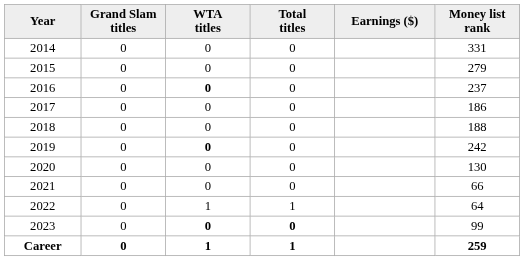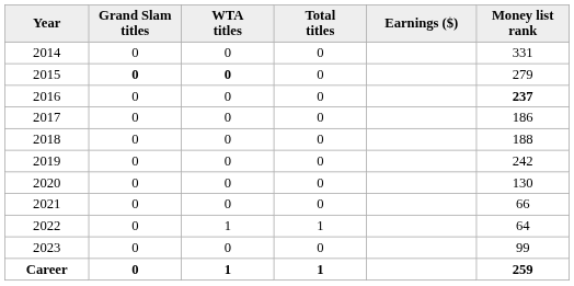 <table cellpadding=3 cellspacing=0 border=1 style=border:#aaa;solid:1px;border-collapse:collapse;text-align:center;>
 <tr style=background:#eee;font-weight:bold>
 <td width="90">Year</td>
 <td width="100">Grand Slam <br>titles</td>
 <td width="100">WTA <br>titles</td>
 <td width="100">Total <br>titles</td>
 <td width="120">Earnings ($)</td>
 <td width="100">Money list rank</td>
 </tr>
 <tr>
 <td>2014</td>
 <td>0</td>
 <td>0</td>
 <td>0</td>
 <td align="right"></td>
 <td>331</td>
 </tr>
 <tr>
 <td>2015</td>
-<td>0</td>
-<td>0</td>
+<td><strong>0</strong></td>
+<td><strong>0</strong></td>
 <td>0</td>
 <td align="right"></td>
 <td>279</td>
 </tr>
 <tr>
 <td>2016</td>
 <td>0</td>
-<td><strong>0</strong></td>
+<td>0</td>
 <td>0</td>
 <td align="right"></td>
-<td>237</td>
+<td><strong>237</strong></td>
 </tr>
 <tr>
 <td>2017</td>
 <td>0</td>
 <td>0</td>
 <td>0</td>
 <td align="right"></td>
 <td>186</td>
 </tr>
 <tr>
 <td>2018</td>
 <td>0</td>
 <td>0</td>
 <td>0</td>
 <td align="right"></td>
 <td>188</td>
 </tr>
 <tr>
 <td>2019</td>
 <td>0</td>
-<td><strong>0</strong></td>
+<td>0</td>
 <td>0</td>
 <td align="right"></td>
 <td>242</td>
 </tr>
 <tr>
 <td>2020</td>
 <td>0</td>
 <td>0</td>
 <td>0</td>
 <td align="right"></td>
 <td>130</td>
 </tr>
 <tr>
 <td>2021</td>
 <td>0</td>
 <td>0</td>
 <td>0</td>
 <td align="right"></td>
 <td>66</td>
 </tr>
 <tr>
 <td>2022</td>
 <td>0</td>
 <td>1</td>
 <td>1</td>
 <td align="right"></td>
 <td>64</td>
 </tr>
 <tr>
 <td>2023</td>
 <td>0</td>
-<td><strong>0</strong></td>
-<td><strong>0</strong></td>
+<td>0</td>
+<td>0</td>
 <td align="right"></td>
 <td>99</td>
 </tr>
 <tr style="font-weight:bold;">
 <td>Career</td>
 <td>0</td>
 <td>1</td>
 <td>1</td>
 <td align="right"></td>
 <td>259</td>
 </tr>
 </table>
